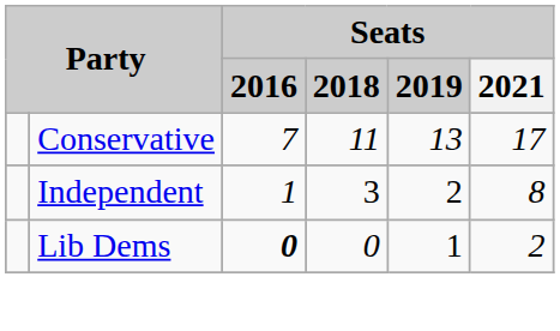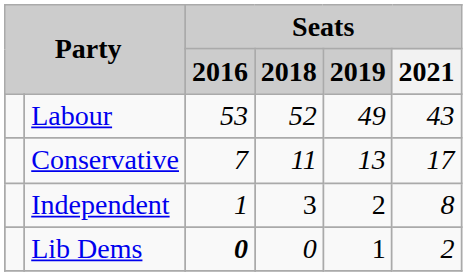 <table class="wikitable">
 <tr>
 <th colspan="2" rowspan="2" style="background:#ccc">Party  </th>
 <th colspan="4" style="background:#ccc">Seats</th>
 </tr>
 <tr>
 <th style="background:#ccc">2016</th>
 <th style="background:#ccc">2018</th>
 <th style="background:#ccc">2019</th>
 <th>2021</th>
+</tr>
+<tr>
+<td style="background:"> </td>
+<td><a href='#'>Labour</a></td>
+<td style="text-align: right"><em>53</em></td>
+<td style="text-align: right"><em>52</em></td>
+<td style="text-align: right"><em>49</em></td>
+<td style="text-align: right"><em>43</em></td>
 </tr>
 <tr>
 <td style="background: "> </td>
 <td><a href='#'>Conservative</a></td>
 <td style="text-align: right"><em>7</em></td>
 <td style="text-align: right"><em>11</em></td>
 <td style="text-align: right"><em>13</em></td>
 <td style="text-align: right"><em>17</em></td>
 </tr>
 <tr>
 <td style="background:"> </td>
 <td><a href='#'>Independent</a></td>
 <td style="text-align: right"><em>1</em></td>
 <td style="text-align: right">3</td>
 <td style="text-align: right">2</td>
 <td style="text-align: right"><em>8</em></td>
 </tr>
 <tr>
 <td style="background:"> </td>
 <td><a href='#'>Lib Dems</a></td>
 <td style="text-align: right"><strong><em>0</em></strong></td>
 <td style="text-align: right"><em>0</em></td>
 <td style="text-align: right">1</td>
 <td style="text-align: right"><em>2</em></td>
 </tr>
 </table>
